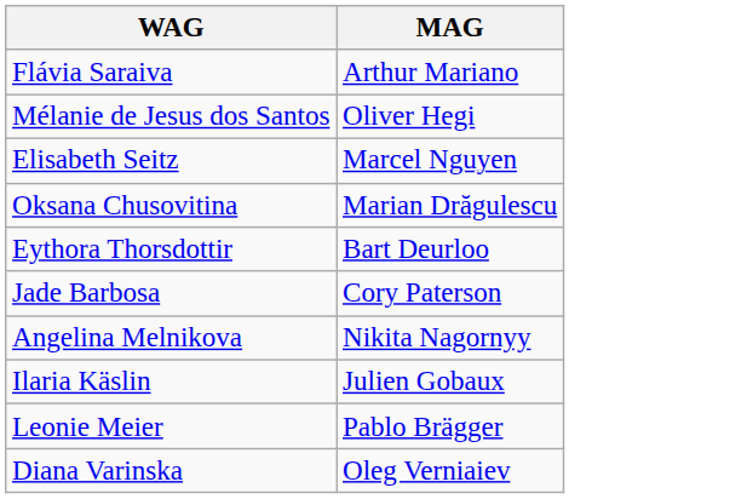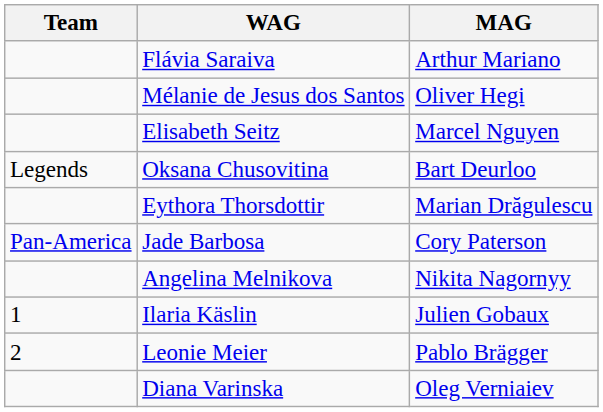 <table class="wikitable">
 <tr>
+<th style="text-align:center;">Team</th>
 <th style="text-align:center;">WAG</th>
 <th style="text-align:center;">MAG</th>
 </tr>
 <tr>
+<td></td>
 <td><a href='#'>Flávia Saraiva</a></td>
 <td><a href='#'>Arthur Mariano</a></td>
 </tr>
 <tr>
+<td></td>
 <td><a href='#'>Mélanie de Jesus dos Santos</a></td>
 <td><a href='#'>Oliver Hegi</a></td>
 </tr>
 <tr>
+<td></td>
 <td><a href='#'>Elisabeth Seitz</a></td>
 <td><a href='#'>Marcel Nguyen</a></td>
 </tr>
 <tr>
+<td>  Legends</td>
 <td><a href='#'>Oksana Chusovitina</a></td>
+<td><a href='#'>Bart Deurloo</a></td>
+</tr>
+<tr>
+<td></td>
+<td><a href='#'>Eythora Thorsdottir</a></td>
 <td><a href='#'>Marian Drăgulescu</a></td>
 </tr>
 <tr>
-<td><a href='#'>Eythora Thorsdottir</a></td>
-<td><a href='#'>Bart Deurloo</a></td>
-</tr>
-<tr>
+<td>  <a href='#'>Pan-America</a></td>
 <td><a href='#'>Jade Barbosa</a></td>
 <td><a href='#'>Cory Paterson</a></td>
 </tr>
 <tr>
+<td></td>
 <td><a href='#'>Angelina Melnikova</a></td>
 <td><a href='#'>Nikita Nagornyy</a></td>
 </tr>
 <tr>
+<td> 1</td>
 <td><a href='#'>Ilaria Käslin</a></td>
 <td><a href='#'>Julien Gobaux</a></td>
 </tr>
 <tr>
+<td> 2</td>
 <td><a href='#'>Leonie Meier</a></td>
 <td><a href='#'>Pablo Brägger</a></td>
 </tr>
 <tr>
+<td></td>
 <td><a href='#'>Diana Varinska</a></td>
 <td><a href='#'>Oleg Verniaiev</a></td>
 </tr>
 </table>
